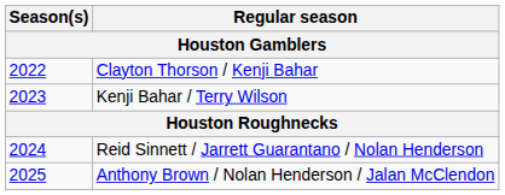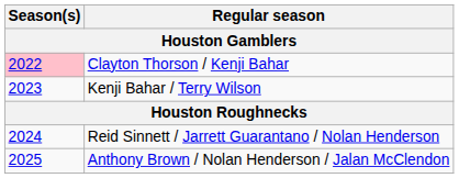 <table class="wikitable">
 <tr>
 <th>Season(s)</th>
 <th>Regular season</th>
 </tr>
 <tr>
 <th colspan="2">Houston Gamblers</th>
 </tr>
 <tr>
-<td><a href='#'>2022</a></td>
+<td style="background: pink;"><a href='#'>2022</a></td>
 <td><a href='#'>Clayton Thorson</a>  / <a href='#'>Kenji Bahar</a> </td>
 </tr>
 <tr>
 <td><a href='#'>2023</a></td>
 <td>Kenji Bahar  / <a href='#'>Terry Wilson</a> </td>
 </tr>
 <tr>
 <th colspan="2">Houston Roughnecks</th>
 </tr>
 <tr>
 <td><a href='#'>2024</a></td>
 <td>Reid Sinnett  / <a href='#'>Jarrett Guarantano</a>  / <a href='#'>Nolan Henderson</a> </td>
 </tr>
 <tr>
 <td><a href='#'>2025</a></td>
 <td><a href='#'>Anthony Brown</a>  / Nolan Henderson  / <a href='#'>Jalan McClendon</a> </td>
 </tr>
 </table>
